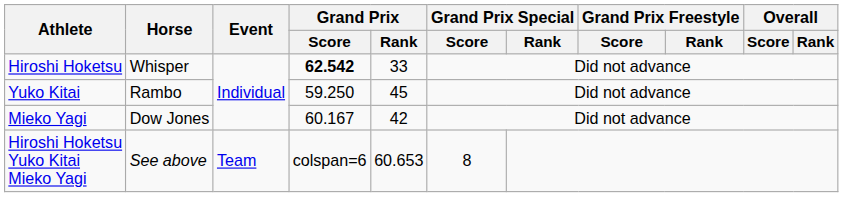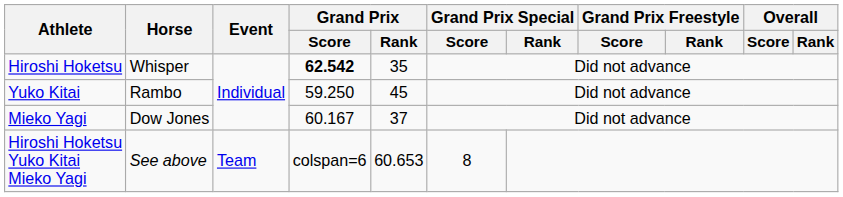 <table class=wikitable style="font-size:90%">
 <tr>
 <th rowspan="2">Athlete</th>
 <th rowspan="2">Horse</th>
 <th rowspan="2">Event</th>
 <th colspan="2">Grand Prix</th>
 <th colspan="2">Grand Prix Special</th>
 <th colspan="2">Grand Prix Freestyle</th>
 <th colspan="2">Overall</th>
 </tr>
 <tr style="font-size:95%">
 <th>Score</th>
 <th>Rank</th>
 <th>Score</th>
 <th>Rank</th>
 <th>Score</th>
 <th>Rank</th>
 <th>Score</th>
 <th>Rank</th>
 </tr>
 <tr align=center>
 <td align=left><a href='#'>Hiroshi Hoketsu</a></td>
 <td align=left>Whisper</td>
 <td align=left rowspan=3><a href='#'>Individual</a></td>
 <td><strong>62.542</strong></td>
-<td>33</td>
+<td>35</td>
 <td colspan=6>Did not advance</td>
 </tr>
 <tr align=center>
 <td align=left><a href='#'>Yuko Kitai</a></td>
 <td align=left>Rambo</td>
 <td>59.250</td>
 <td>45</td>
 <td colspan=6>Did not advance</td>
 </tr>
 <tr align=center>
 <td align=left><a href='#'>Mieko Yagi</a></td>
 <td align=left>Dow Jones</td>
 <td>60.167</td>
-<td>42</td>
+<td>37</td>
 <td colspan=6>Did not advance</td>
 </tr>
 <tr align=center>
 <td align=left><a href='#'>Hiroshi Hoketsu</a><br><a href='#'>Yuko Kitai</a><br><a href='#'>Mieko Yagi</a></td>
 <td align=left><em>See above</em></td>
 <td align=left><a href='#'>Team</a></td>
 <td>colspan=6 </td>
 <td>60.653</td>
 <td>8</td>
 </tr>
 </table>
